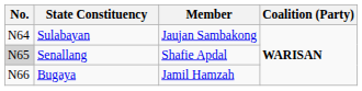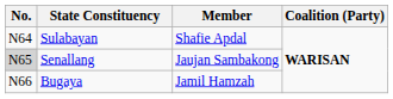 <table class="wikitable sortable">
 <tr>
 <th width="30">No.</th>
 <th width="150">State Constituency</th>
 <th>Member</th>
 <th>Coalition (Party)</th>
 </tr>
 <tr>
 <td>N64</td>
 <td><a href='#'>Sulabayan</a></td>
-<td><a href='#'>Jaujan Sambakong</a></td>
+<td><a href='#'>Shafie Apdal</a></td>
 <td rowspan="3"><strong>WARISAN</strong></td>
 </tr>
 <tr>
 <td style="background: lightgrey;">N65</td>
 <td><a href='#'>Senallang</a></td>
-<td><a href='#'>Shafie Apdal</a></td>
+<td><a href='#'>Jaujan Sambakong</a></td>
 </tr>
 <tr>
 <td>N66</td>
 <td><a href='#'>Bugaya</a></td>
 <td><a href='#'>Jamil Hamzah</a></td>
 </tr>
 </table>
